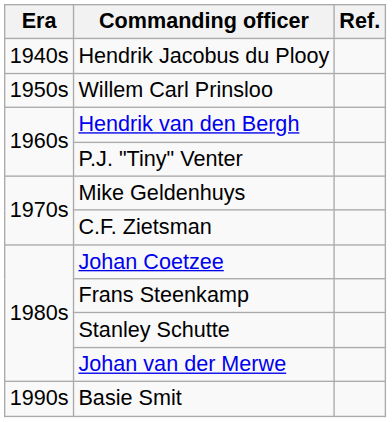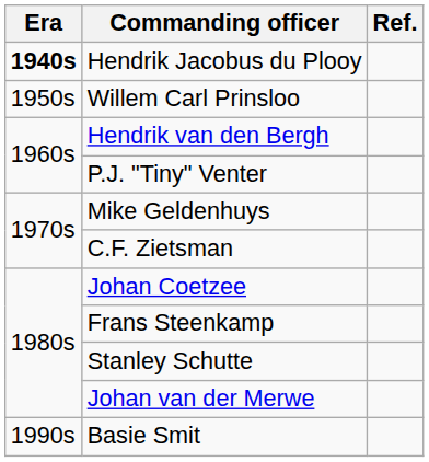 <table class="wikitable">
 <tr>
 <th>Era</th>
 <th>Commanding officer</th>
 <th>Ref.</th>
 </tr>
 <tr>
-<td>1940s</td>
+<td><strong>1940s</strong></td>
 <td>Hendrik Jacobus du Plooy</td>
 <td></td>
 </tr>
 <tr>
 <td>1950s</td>
 <td>Willem Carl Prinsloo</td>
 <td></td>
 </tr>
 <tr>
 <td rowspan="2">1960s</td>
 <td><a href='#'>Hendrik van den Bergh</a></td>
 <td></td>
 </tr>
 <tr>
 <td>P.J. "Tiny" Venter</td>
 <td></td>
 </tr>
 <tr>
 <td rowspan="2">1970s</td>
 <td>Mike Geldenhuys</td>
 <td></td>
 </tr>
 <tr>
 <td>C.F. Zietsman</td>
 <td></td>
 </tr>
 <tr>
 <td rowspan="4">1980s</td>
 <td><a href='#'>Johan Coetzee</a></td>
 <td></td>
 </tr>
 <tr>
 <td>Frans Steenkamp</td>
 <td></td>
 </tr>
 <tr>
 <td>Stanley Schutte</td>
 <td></td>
 </tr>
 <tr>
 <td><a href='#'>Johan van der Merwe</a></td>
 <td></td>
 </tr>
 <tr>
 <td>1990s</td>
 <td>Basie Smit</td>
 <td></td>
 </tr>
 </table>
